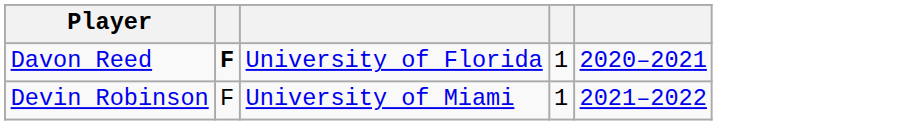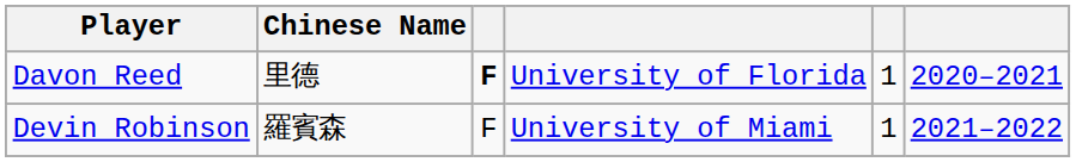 <table class="wikitable sortable" style="font-size:95%; text-align:right;">
 <tr>
 <th>Player</th>
+<th>Chinese Name</th>
 <th></th>
 <th></th>
 <th></th>
 <th></th>
 </tr>
 <tr>
 <td align="left"><a href='#'>Davon Reed</a></td>
+<td align="left">里德</td>
 <td align="center"><strong>F</strong></td>
 <td align="left"><a href='#'>University of Florida</a></td>
 <td align="center">1</td>
 <td align="center"><a href='#'>2020–2021</a></td>
 </tr>
 <tr>
 <td align="left"><a href='#'>Devin Robinson</a></td>
+<td align="left">羅賓森</td>
 <td align="center">F</td>
 <td align="left"><a href='#'>University of Miami</a></td>
 <td align="center">1</td>
 <td align="center"><a href='#'>2021–2022</a></td>
 </tr>
 </table>
